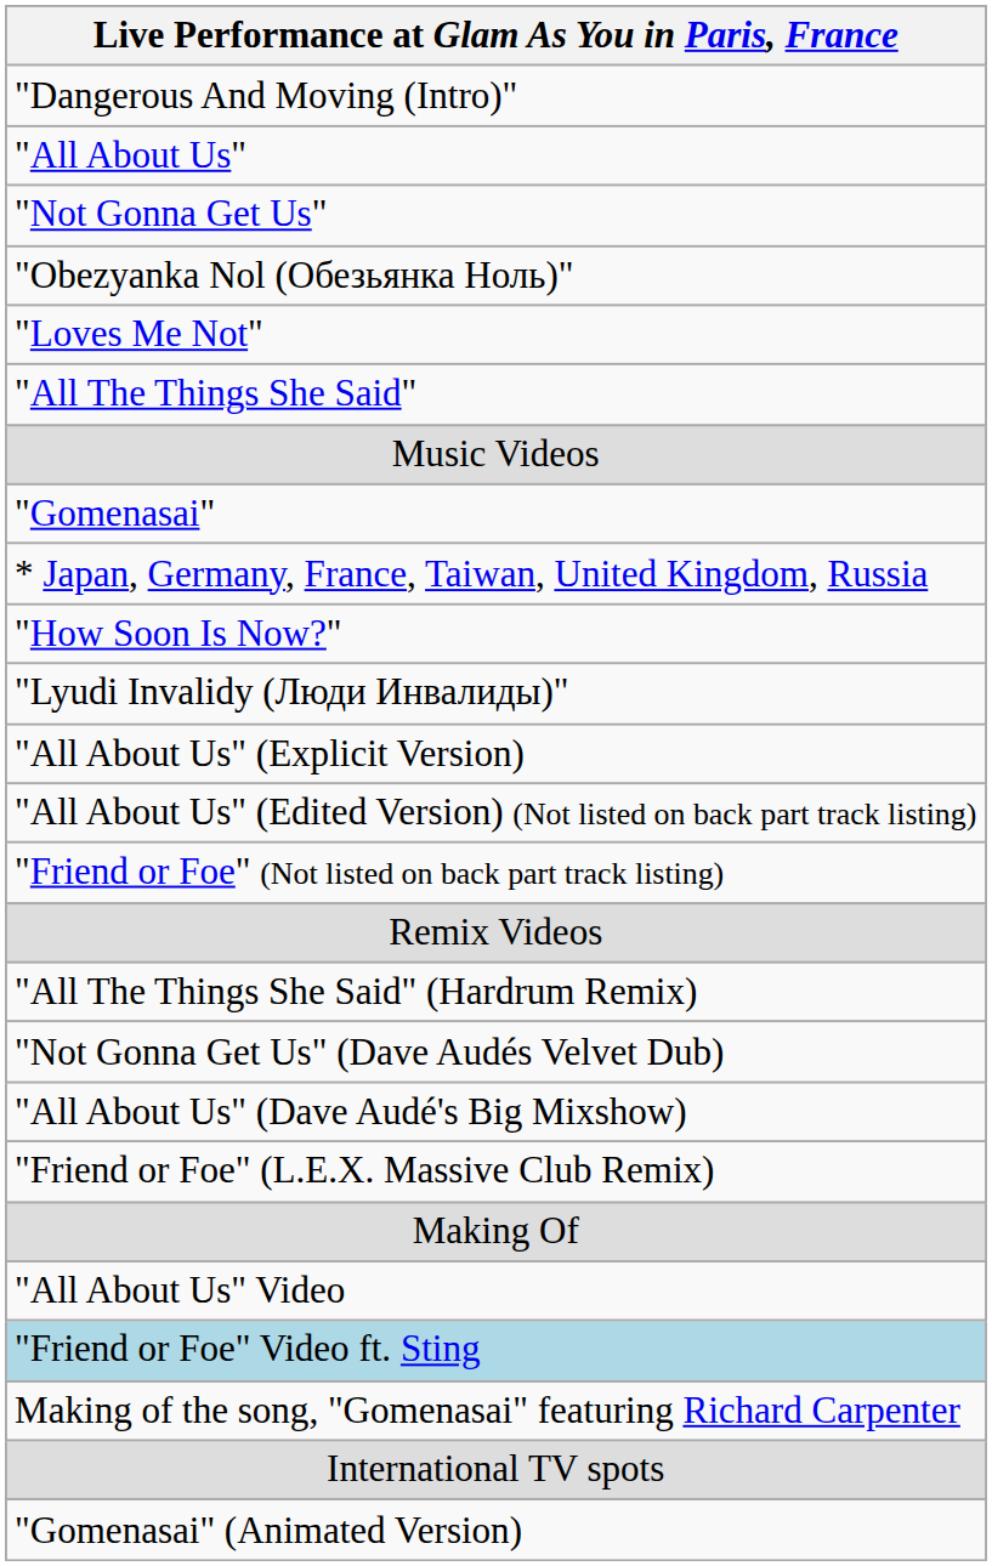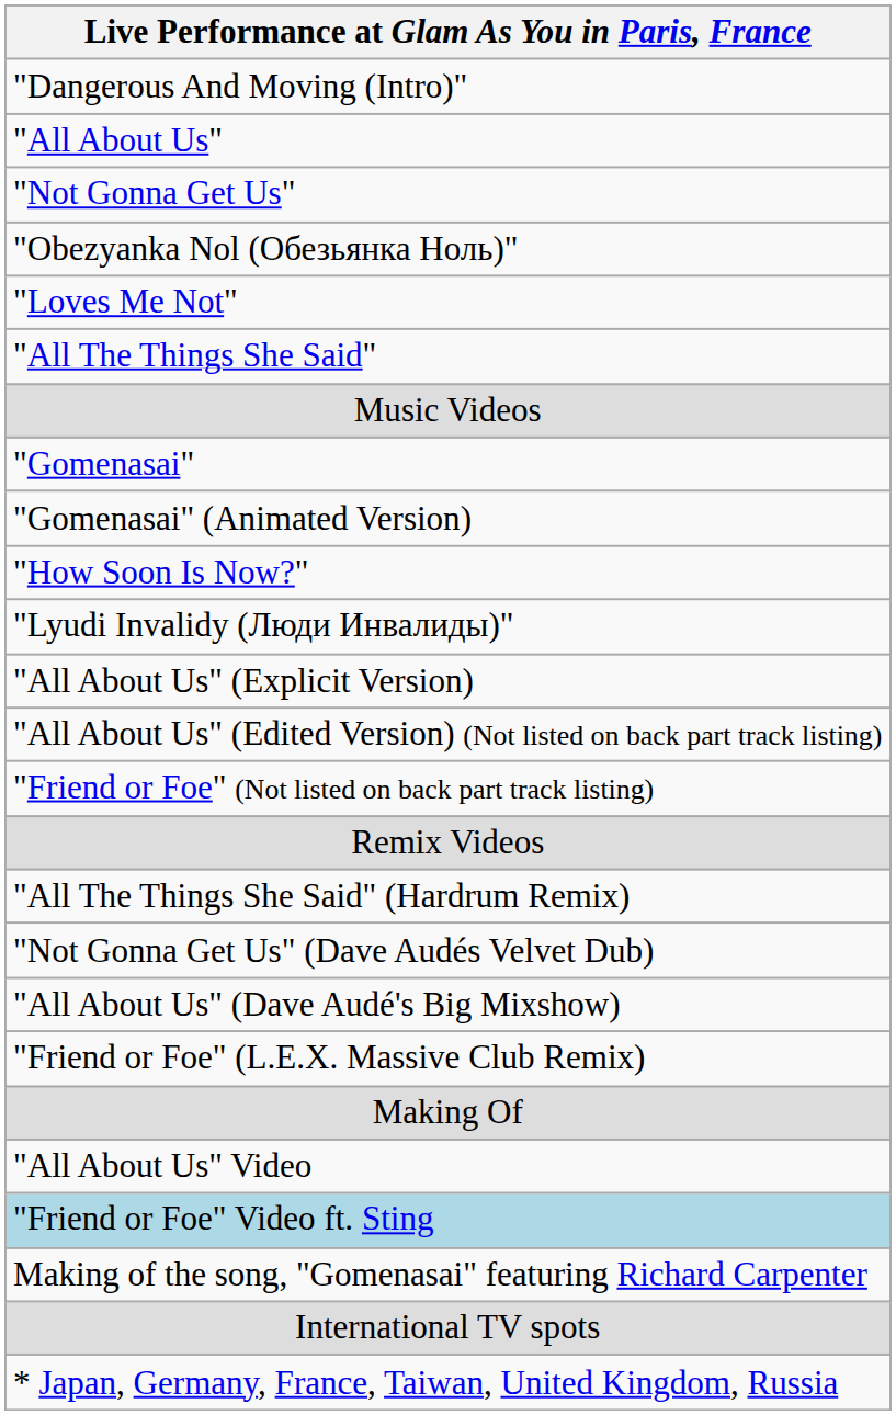 <table class="wikitable">
 <tr>
 <th style="text-align:center;"><strong>Live Performance at <em>Glam As You<strong><em> in <a href='#'>Paris</a>, <a href='#'>France</a></th>
 </tr>
 <tr>
 <td align="left">"Dangerous And Moving (Intro)"</td>
 </tr>
 <tr>
 <td align="left">"<a href='#'>All About Us</a>"</td>
 </tr>
 <tr>
 <td align="left">"<a href='#'>Not Gonna Get Us</a>"</td>
 </tr>
 <tr>
 <td align="left">"Obezyanka Nol (Обезьянка Ноль)"</td>
 </tr>
 <tr>
 <td align="left">"<a href='#'>Loves Me Not</a>"</td>
 </tr>
 <tr>
 <td align="left">"<a href='#'>All The Things She Said</a>"</td>
 </tr>
 <tr style="background:#ddd;">
 <td style="text-align:center;"></strong>Music Videos<strong></td>
 </tr>
 <tr>
 <td align="left">"<a href='#'>Gomenasai</a>"</td>
 </tr>
 <tr>
-<td align="left">* <a href='#'>Japan</a>, <a href='#'>Germany</a>, <a href='#'>France</a>, <a href='#'>Taiwan</a>, <a href='#'>United Kingdom</a>, <a href='#'>Russia</a></td>
+<td align="left">"Gomenasai" (Animated Version)</td>
 </tr>
 <tr>
 <td align="left">"<a href='#'>How Soon Is Now?</a>"</td>
 </tr>
 <tr>
 <td align="left">"Lyudi Invalidy (Люди Инвалиды)"</td>
 </tr>
 <tr>
 <td align="left">"All About Us" (Explicit Version)</td>
 </tr>
 <tr>
 <td align="left">"All About Us" (Edited Version) <small>(Not listed on back part track listing)</small></td>
 </tr>
 <tr>
 <td align="left">"<a href='#'>Friend or Foe</a>" <small>(Not listed on back part track listing)</small></td>
 </tr>
 <tr style="background:#ddd;">
 <td style="text-align:center;"></strong>Remix Videos<strong></td>
 </tr>
 <tr>
 <td align="left">"All The Things She Said"  (Hardrum Remix)</td>
 </tr>
 <tr>
 <td align="left">"Not Gonna Get Us"  (Dave Audés Velvet Dub)</td>
 </tr>
 <tr>
 <td align="left">"All About Us"  (Dave Audé's Big Mixshow)</td>
 </tr>
 <tr>
 <td align="left">"Friend or Foe"  (L.E.X. Massive Club Remix)</td>
 </tr>
 <tr style="background:#ddd;">
 <td style="text-align:center;"></strong>Making Of<strong></td>
 </tr>
 <tr>
 <td align="left">"All About Us" Video</td>
 </tr>
 <tr>
 <td align="left" style="background: lightblue;">"Friend or Foe" Video ft. <a href='#'>Sting</a></td>
 </tr>
 <tr>
 <td align="left">Making of the song, "Gomenasai" featuring <a href='#'>Richard Carpenter</a></td>
 </tr>
 <tr style="background:#ddd;">
 <td style="text-align:center;"></strong>International TV spots<strong></td>
 </tr>
 <tr>
-<td align="left">"Gomenasai" (Animated Version)</td>
+<td align="left">* <a href='#'>Japan</a>, <a href='#'>Germany</a>, <a href='#'>France</a>, <a href='#'>Taiwan</a>, <a href='#'>United Kingdom</a>, <a href='#'>Russia</a></td>
 </tr>
 </table>
